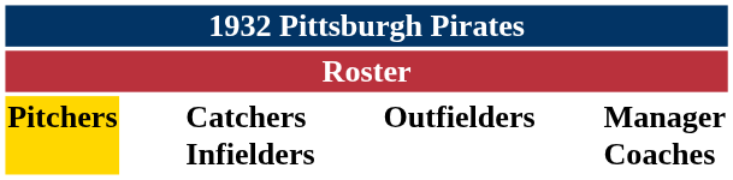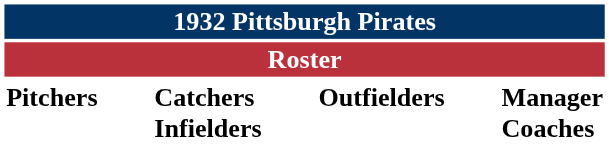 <table class="toccolours" style="font-size: 95%;">
 <tr>
 <th colspan="10" style="background-color: #023465; color: white; text-align: center;">1932 Pittsburgh Pirates</th>
 </tr>
 <tr>
 <td colspan="10" style="background-color: #ba313c; color: white; text-align: center;"><strong>Roster</strong></td>
 </tr>
 <tr>
-<td valign="top" style="background: gold;"><strong>Pitchers</strong><br>         </td>
+<td valign="top"><strong>Pitchers</strong><br>         </td>
 <td width="25px"></td>
 <td valign="top"><strong>Catchers</strong><br>    <strong>Infielders</strong>       </td>
 <td width="25px"></td>
 <td valign="top"><strong>Outfielders</strong><br>     </td>
 <td width="25px"></td>
 <td valign="top"><strong>Manager</strong><br> <strong>Coaches</strong>  </td>
 </tr>
 </table>
